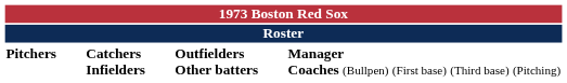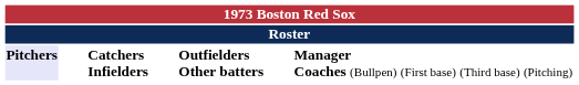 <table class="toccolours" style="text-align: left;">
 <tr>
 <th colspan="10" style="background-color: #ba313c; color: white; text-align: center;">1973 Boston Red Sox</th>
 </tr>
 <tr>
 <td colspan="10" style="background-color: #0d2b56; color: white; text-align: center;"><strong>Roster</strong></td>
 </tr>
 <tr>
-<td valign="top"><strong>Pitchers</strong><br>              </td>
+<td valign="top" style="background: lavender;"><strong>Pitchers</strong><br>              </td>
 <td width="25px"></td>
 <td valign="top"><strong>Catchers</strong><br>  <strong>Infielders</strong>         </td>
 <td width="25px"></td>
 <td valign="top"><strong>Outfielders</strong><br>     <strong>Other batters</strong> </td>
 <td width="25px"></td>
 <td valign="top"><strong>Manager</strong><br> <strong>Coaches</strong>  <small>(Bullpen)</small>  <small>(First base)</small>  <small>(Third base)</small>  <small>(Pitching)</small></td>
 </tr>
 <tr>
 </tr>
 </table>
